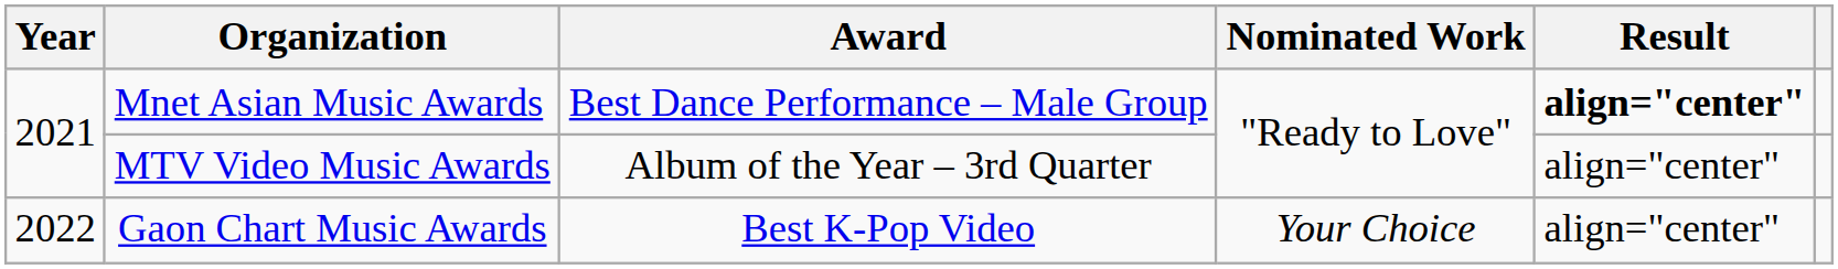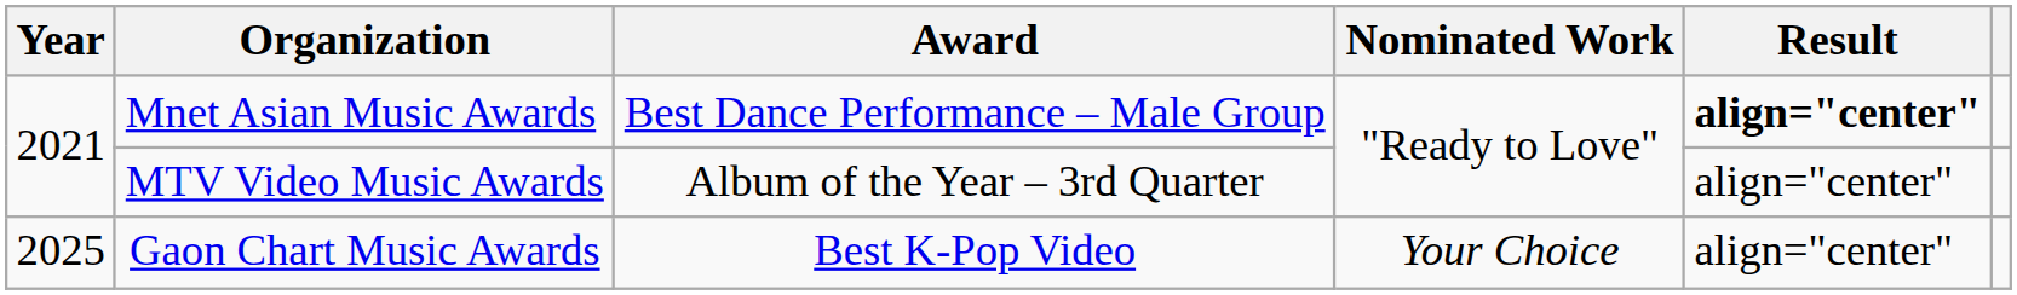 <table class="wikitable plainrowheaders">
 <tr>
 <th scope="col">Year</th>
 <th scope="col">Organization</th>
 <th scope="col">Award</th>
 <th scope="col">Nominated Work</th>
 <th scope="col">Result</th>
 <th scope="col"></th>
 </tr>
 <tr>
 <td rowspan="2">2021</td>
 <td><a href='#'>Mnet Asian Music Awards</a></td>
 <td align="center"><a href='#'>Best Dance Performance – Male Group</a></td>
 <td rowspan="2" align="center">"Ready to Love"</td>
 <td><strong>align="center" </strong></td>
 <td align="center"></td>
 </tr>
 <tr>
 <td align="center"><a href='#'>MTV Video Music Awards</a></td>
 <td align="center">Album of the Year – 3rd Quarter</td>
 <td>align="center" </td>
 <td align="center"></td>
 </tr>
 <tr>
-<td>2022</td>
+<td>2025</td>
 <td align="center"><a href='#'>Gaon Chart Music Awards</a></td>
 <td align="center"><a href='#'>Best K-Pop Video</a></td>
 <td align="center"><em>Your Choice</em></td>
 <td>align="center" </td>
 <td align="center"></td>
 </tr>
 </table>
